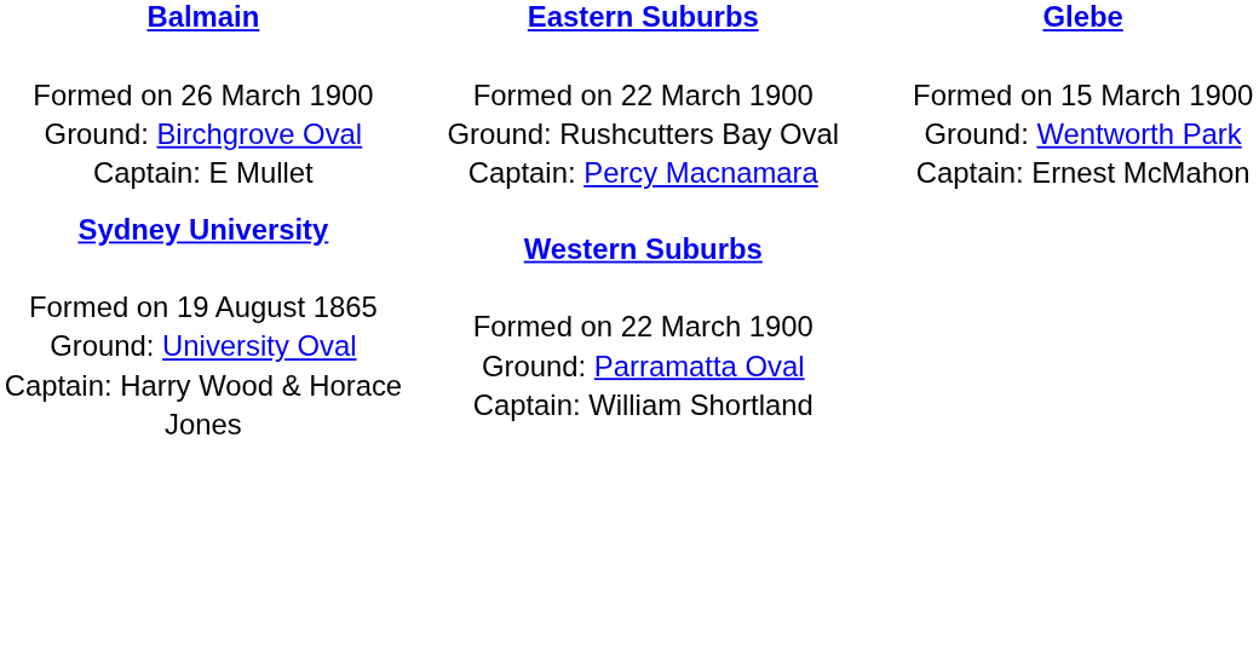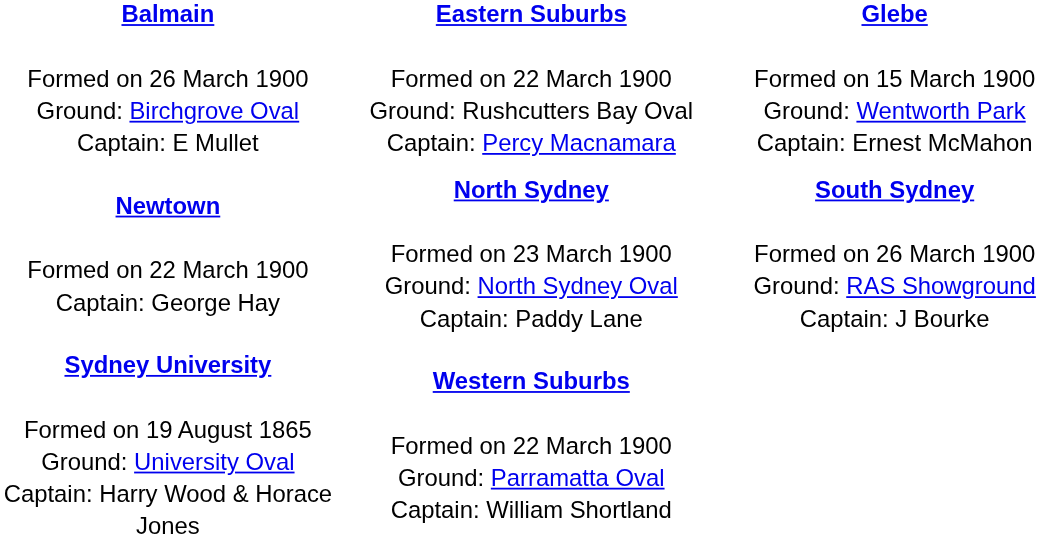 <table class="toccolours" align="center" style="text-valign: center;" cellpadding="3" cellspacing="2">
 <tr>
 <th width="195"></th>
 <th width="195"></th>
 <th width="195"></th>
 </tr>
 <tr>
 <td align="center"><strong><small><a href='#'>Balmain</a></small></strong><br><br><small>Formed on 26 March 1900</small><strong><br></strong> <small>Ground: <a href='#'>Birchgrove Oval</a></small><strong><br></strong> <small>Captain: E Mullet</small></td>
 <td align="center"><strong><small><a href='#'>Eastern Suburbs</a></small></strong><br><br><small>Formed on 22 March 1900</small><strong><br></strong> <small>Ground: Rushcutters Bay Oval</small><strong><br></strong> <small>Captain: <a href='#'>Percy Macnamara</a></small></td>
 <td align="center"><strong><small><a href='#'>Glebe</a></small></strong><br><br><small>Formed on 15 March 1900</small><strong><br></strong> <small>Ground: <a href='#'>Wentworth Park</a></small><strong><br></strong> <small>Captain: Ernest McMahon</small></td>
 </tr>
 <tr>
+<td align="center"><strong><small><a href='#'>Newtown</a></small></strong><br><br><small>Formed on 22 March 1900</small><strong><br></strong> <small>Captain: George Hay</small></td>
+<td align="center"><strong><small><a href='#'>North Sydney</a></small></strong><br><br><small>Formed on 23 March 1900</small><strong><br></strong> <small>Ground: <a href='#'>North Sydney Oval</a></small><strong><br></strong> <small>Captain: Paddy Lane</small></td>
+<td align="center"><strong><small><a href='#'>South Sydney</a></small></strong><br><br><small>Formed on 26 March 1900</small><strong><br></strong> <small>Ground: <a href='#'>RAS Showground</a></small><strong><br></strong> <small>Captain: J Bourke</small></td>
+</tr>
+<tr>
 <td align="center"><strong><small><a href='#'>Sydney University</a></small></strong><br><br><small>Formed on 19 August 1865</small><strong><br></strong> <small>Ground: <a href='#'>University Oval</a></small><strong><br></strong> <small>Captain: Harry Wood & Horace Jones</small></td>
 <td align="center"><strong><small><a href='#'>Western Suburbs</a></small></strong><br><br><small>Formed on 22 March 1900</small><strong><br></strong> <small>Ground: <a href='#'>Parramatta Oval</a></small><strong><br></strong> <small>Captain: William Shortland</small></td>
 <td></td>
 </tr>
 </table>
